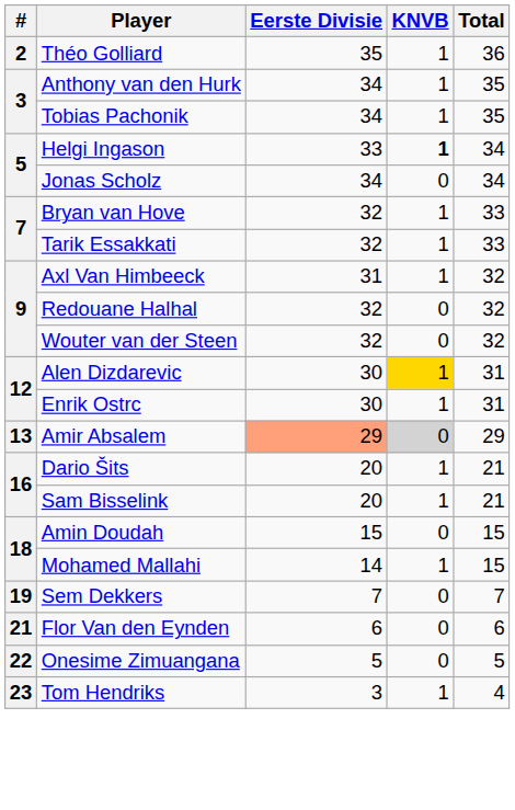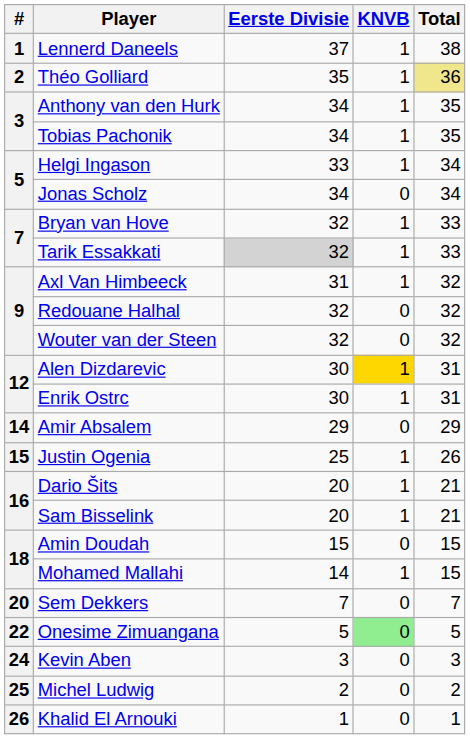 <table class="wikitable" style="text-align:right;">
 <tr>
 <th>#</th>
 <th>Player</th>
 <th><a href='#'>Eerste Divisie</a></th>
 <th><a href='#'>KNVB</a></th>
 <th>Total</th>
 </tr>
 <tr>
+<th align=center>1</th>
+<td align=left> <a href='#'>Lennerd Daneels</a></td>
+<td>37</td>
+<td>1</td>
+<td>38</td>
+</tr>
+<tr>
 <th align=center>2</th>
 <td align=left> <a href='#'>Théo Golliard</a></td>
 <td>35</td>
 <td>1</td>
-<td>36</td>
+<td style="background: khaki;">36</td>
 </tr>
 <tr>
 <th rowspan=2 align=center>3</th>
 <td align=left> <a href='#'>Anthony van den Hurk</a></td>
 <td>34</td>
 <td>1</td>
 <td>35</td>
 </tr>
 <tr>
 <td align=left> <a href='#'>Tobias Pachonik</a></td>
 <td>34</td>
 <td>1</td>
 <td>35</td>
 </tr>
 <tr>
 <th rowspan=2 align=center>5</th>
 <td align=left> <a href='#'>Helgi Ingason</a></td>
 <td>33</td>
-<td><strong>1</strong></td>
+<td>1</td>
 <td>34</td>
 </tr>
 <tr>
 <td align=left> <a href='#'>Jonas Scholz</a></td>
 <td>34</td>
 <td>0</td>
 <td>34</td>
 </tr>
 <tr>
 <th rowspan=2 align=center>7</th>
 <td align=left> <a href='#'>Bryan van Hove</a></td>
 <td>32</td>
 <td>1</td>
 <td>33</td>
 </tr>
 <tr>
 <td align=left> <a href='#'>Tarik Essakkati</a></td>
-<td>32</td>
+<td style="background: lightgrey;">32</td>
 <td>1</td>
 <td>33</td>
 </tr>
 <tr>
 <th rowspan=3 align=center>9</th>
 <td align=left> <a href='#'>Axl Van Himbeeck</a></td>
 <td>31</td>
 <td>1</td>
 <td>32</td>
 </tr>
 <tr>
 <td align=left> <a href='#'>Redouane Halhal</a></td>
 <td>32</td>
 <td>0</td>
 <td>32</td>
 </tr>
 <tr>
 <td align=left> <a href='#'>Wouter van der Steen</a></td>
 <td>32</td>
 <td>0</td>
 <td>32</td>
 </tr>
 <tr>
 <th rowspan=2 align=center>12</th>
 <td align=left> <a href='#'>Alen Dizdarevic</a></td>
 <td>30</td>
 <td style="background: gold;">1</td>
 <td>31</td>
 </tr>
 <tr>
 <td align=left> <a href='#'>Enrik Ostrc</a></td>
 <td>30</td>
 <td>1</td>
 <td>31</td>
 </tr>
 <tr>
-<th align=center>13</th>
+<th align=center>14</th>
 <td align=left> <a href='#'>Amir Absalem</a></td>
-<td style="background: lightsalmon;">29</td>
-<td style="background: lightgrey;">0</td>
 <td>29</td>
+<td>0</td>
+<td>29</td>
+</tr>
+<tr>
+<th align=center>15</th>
+<td align=left> <a href='#'>Justin Ogenia</a></td>
+<td>25</td>
+<td>1</td>
+<td>26</td>
 </tr>
 <tr>
 <th rowspan=2 align=center>16</th>
 <td align=left> <a href='#'>Dario Šits</a></td>
 <td>20</td>
 <td>1</td>
 <td>21</td>
 </tr>
 <tr>
 <td align=left> <a href='#'>Sam Bisselink</a></td>
 <td>20</td>
 <td>1</td>
 <td>21</td>
 </tr>
 <tr>
 <th rowspan=2 align=center>18</th>
 <td align=left> <a href='#'>Amin Doudah</a></td>
 <td>15</td>
 <td>0</td>
 <td>15</td>
 </tr>
 <tr>
 <td align=left> <a href='#'>Mohamed Mallahi</a></td>
 <td>14</td>
 <td>1</td>
 <td>15</td>
 </tr>
 <tr>
-<th align=center>19</th>
+<th align=center>20</th>
 <td align=left> <a href='#'>Sem Dekkers</a></td>
 <td>7</td>
 <td>0</td>
 <td>7</td>
 </tr>
 <tr>
-<th align=center>21</th>
-<td align=left> <a href='#'>Flor Van den Eynden</a></td>
-<td>6</td>
-<td>0</td>
-<td>6</td>
-</tr>
-<tr>
 <th align=center>22</th>
 <td align=left> <a href='#'>Onesime Zimuangana</a></td>
 <td>5</td>
-<td>0</td>
+<td style="background: lightgreen;">0</td>
 <td>5</td>
 </tr>
 <tr>
-<th align=center>23</th>
-<td align=left> <a href='#'>Tom Hendriks</a></td>
+<th align=center>24</th>
+<td align=left> <a href='#'>Kevin Aben</a></td>
 <td>3</td>
+<td>0</td>
+<td>3</td>
+</tr>
+<tr>
+<th align=center>25</th>
+<td align=left> <a href='#'>Michel Ludwig</a></td>
+<td>2</td>
+<td>0</td>
+<td>2</td>
+</tr>
+<tr>
+<th align=center>26</th>
+<td align=left> <a href='#'>Khalid El Arnouki</a></td>
 <td>1</td>
-<td>4</td>
+<td>0</td>
+<td>1</td>
 </tr>
 </table>
